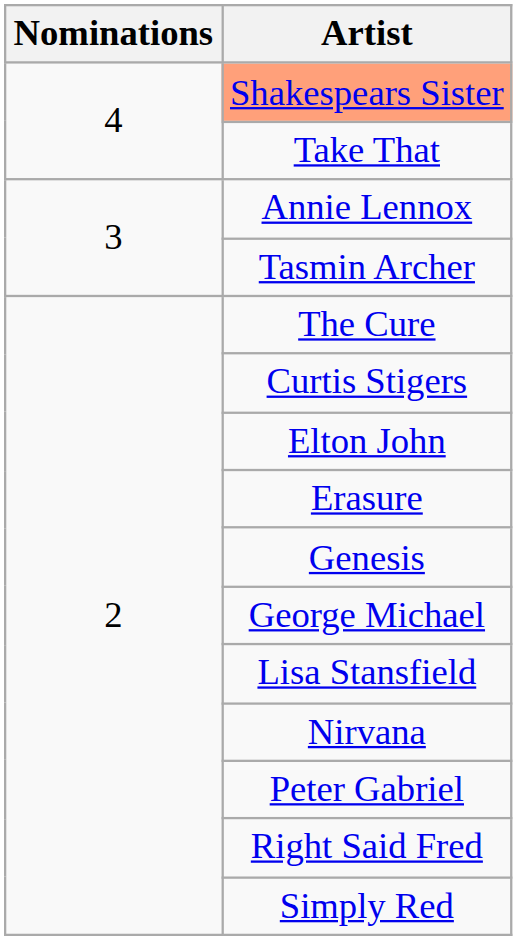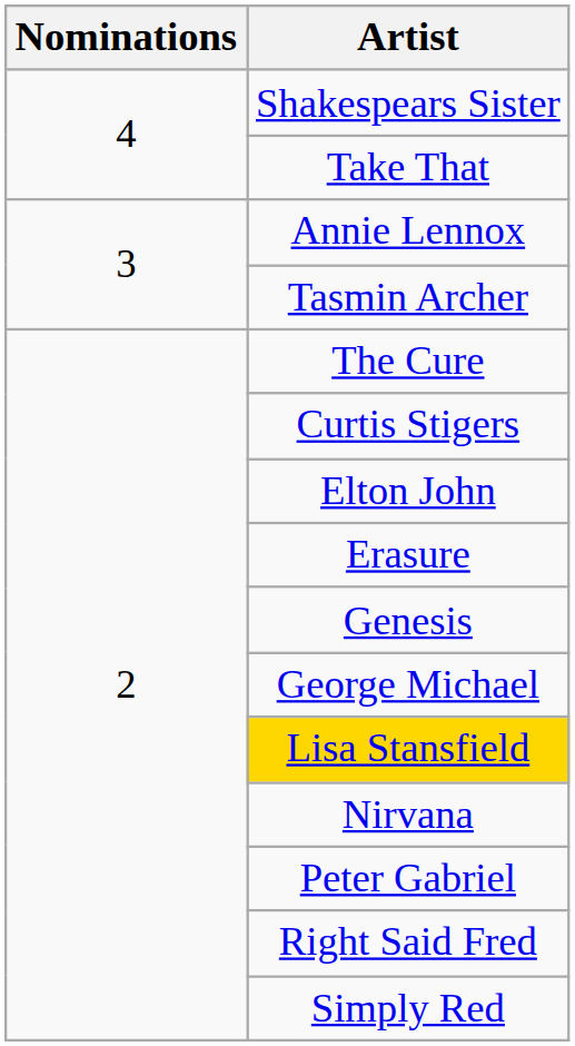 <table class="wikitable" rowspan="2" style="text-align:center;">
 <tr>
 <th scope="col" style="width:55px;">Nominations</th>
 <th scope="col" style="text-align:center;">Artist</th>
 </tr>
 <tr>
 <td rowspan="2">4</td>
-<td style="background: lightsalmon;"><a href='#'>Shakespears Sister</a></td>
+<td><a href='#'>Shakespears Sister</a></td>
 </tr>
 <tr>
 <td><a href='#'>Take That</a></td>
 </tr>
 <tr>
 <td rowspan="2">3</td>
 <td><a href='#'>Annie Lennox</a></td>
 </tr>
 <tr>
 <td><a href='#'>Tasmin Archer</a></td>
 </tr>
 <tr>
 <td rowspan="11">2</td>
 <td><a href='#'>The Cure</a></td>
 </tr>
 <tr>
 <td><a href='#'>Curtis Stigers</a></td>
 </tr>
 <tr>
 <td><a href='#'>Elton John</a></td>
 </tr>
 <tr>
 <td><a href='#'>Erasure</a></td>
 </tr>
 <tr>
 <td><a href='#'>Genesis</a></td>
 </tr>
 <tr>
 <td><a href='#'>George Michael</a></td>
 </tr>
 <tr>
-<td><a href='#'>Lisa Stansfield</a></td>
+<td style="background: gold;"><a href='#'>Lisa Stansfield</a></td>
 </tr>
 <tr>
 <td><a href='#'>Nirvana</a></td>
 </tr>
 <tr>
 <td><a href='#'>Peter Gabriel</a></td>
 </tr>
 <tr>
 <td><a href='#'>Right Said Fred</a></td>
 </tr>
 <tr>
 <td><a href='#'>Simply Red</a></td>
 </tr>
 </table>
